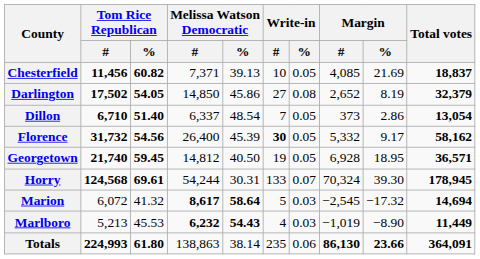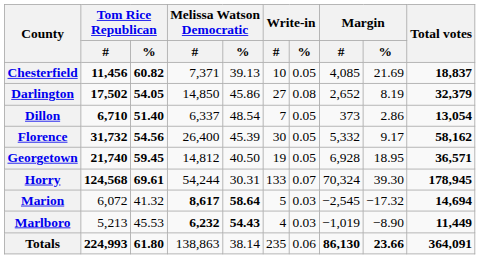 <table class="wikitable sortable"  style="text-align:right">
 <tr>
 <th rowspan="2">County</th>
 <th colspan="2"><a href='#'>Tom Rice</a><br><a href='#'>Republican</a></th>
 <th colspan="2">Melissa Watson<br><a href='#'>Democratic</a></th>
 <th colspan="2">Write-in</th>
 <th colspan="2">Margin</th>
 <th rowspan="2">Total votes</th>
 </tr>
 <tr>
 <th data-sort-type="number" style="text-align:center;">#</th>
 <th data-sort-type="number" style="text-align:center;">%</th>
 <th data-sort-type="number" style="text-align:center;">#</th>
 <th data-sort-type="number" style="text-align:center;">%</th>
 <th data-sort-type="number" style="text-align:center;">#</th>
 <th data-sort-type="number" style="text-align:center;">%</th>
 <th data-sort-type="number" style="text-align:center;">#</th>
 <th data-sort-type="number" style="text-align:center;">%</th>
 </tr>
 <tr>
 <th><a href='#'>Chesterfield</a></th>
 <td><strong>11,456</strong></td>
 <td><strong>60.82</strong></td>
 <td>7,371</td>
 <td>39.13</td>
 <td>10</td>
 <td>0.05</td>
 <td>4,085</td>
 <td>21.69</td>
 <td><strong>18,837</strong></td>
 </tr>
 <tr>
 <th><a href='#'>Darlington</a></th>
 <td><strong>17,502</strong></td>
 <td><strong>54.05</strong></td>
 <td>14,850</td>
 <td>45.86</td>
 <td>27</td>
 <td>0.08</td>
 <td>2,652</td>
 <td>8.19</td>
 <td><strong>32,379</strong></td>
 </tr>
 <tr>
 <th><a href='#'>Dillon</a></th>
 <td><strong>6,710</strong></td>
 <td><strong>51.40</strong></td>
 <td>6,337</td>
 <td>48.54</td>
 <td>7</td>
 <td>0.05</td>
 <td>373</td>
 <td>2.86</td>
 <td><strong>13,054</strong></td>
 </tr>
 <tr>
 <th><a href='#'>Florence</a> </th>
 <td><strong>31,732</strong></td>
 <td><strong>54.56</strong></td>
 <td>26,400</td>
 <td>45.39</td>
-<td><strong>30</strong></td>
+<td>30</td>
 <td>0.05</td>
 <td>5,332</td>
 <td>9.17</td>
 <td><strong>58,162</strong></td>
 </tr>
 <tr>
 <th><a href='#'>Georgetown</a></th>
 <td><strong>21,740</strong></td>
 <td><strong>59.45</strong></td>
 <td>14,812</td>
 <td>40.50</td>
 <td>19</td>
 <td>0.05</td>
 <td>6,928</td>
 <td>18.95</td>
 <td><strong>36,571</strong></td>
 </tr>
 <tr>
 <th><a href='#'>Horry</a></th>
 <td><strong>124,568</strong></td>
 <td><strong>69.61</strong></td>
 <td>54,244</td>
 <td>30.31</td>
 <td>133</td>
 <td>0.07</td>
 <td>70,324</td>
 <td>39.30</td>
 <td><strong>178,945</strong></td>
 </tr>
 <tr>
 <th><a href='#'>Marion</a></th>
 <td>6,072</td>
 <td>41.32</td>
 <td><strong>8,617</strong></td>
 <td><strong>58.64</strong></td>
 <td>5</td>
 <td>0.03</td>
 <td>−2,545</td>
 <td>−17.32</td>
 <td><strong>14,694</strong></td>
 </tr>
 <tr>
 <th><a href='#'>Marlboro</a></th>
 <td>5,213</td>
 <td>45.53</td>
 <td><strong>6,232</strong></td>
 <td><strong>54.43</strong></td>
 <td>4</td>
 <td>0.03</td>
 <td>−1,019</td>
 <td>−8.90</td>
 <td><strong>11,449</strong></td>
 </tr>
 <tr>
 <th data-sort-value="ZZZ">Totals</th>
 <td><strong>224,993</strong></td>
 <td><strong>61.80</strong></td>
 <td>138,863</td>
 <td>38.14</td>
 <td>235</td>
 <td>0.06</td>
 <td><strong>86,130</strong></td>
 <td><strong>23.66</strong></td>
 <td><strong>364,091</strong></td>
 </tr>
 </table>
